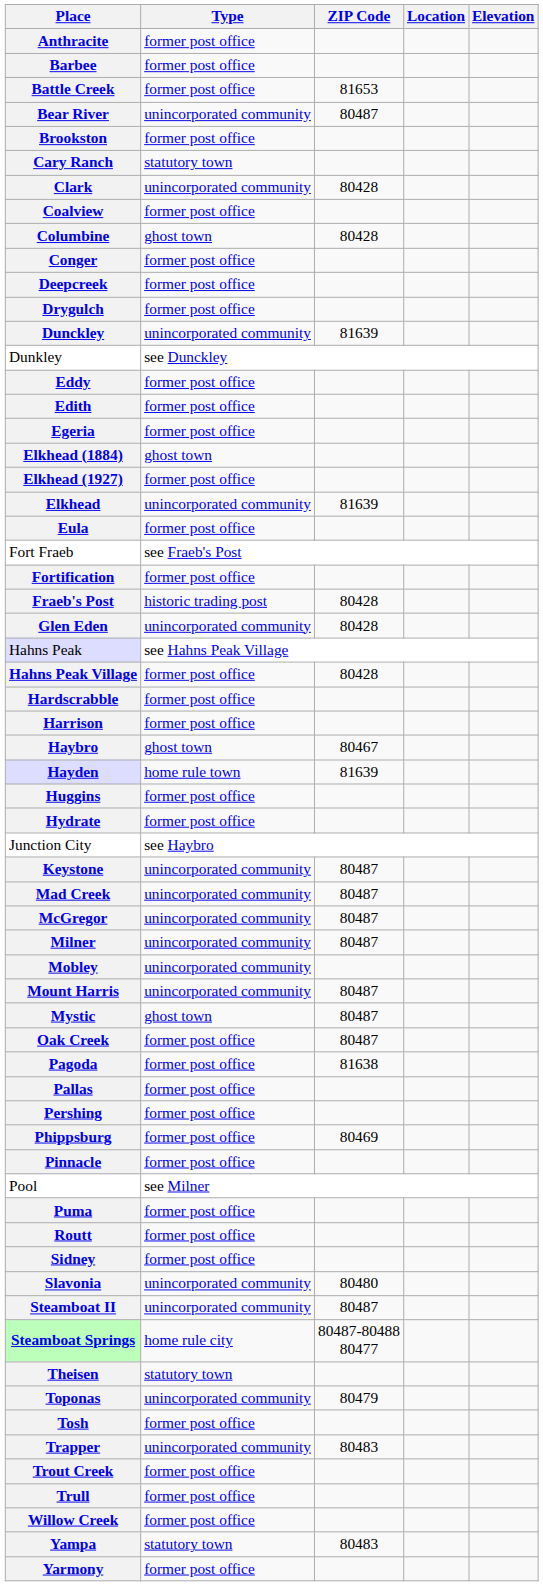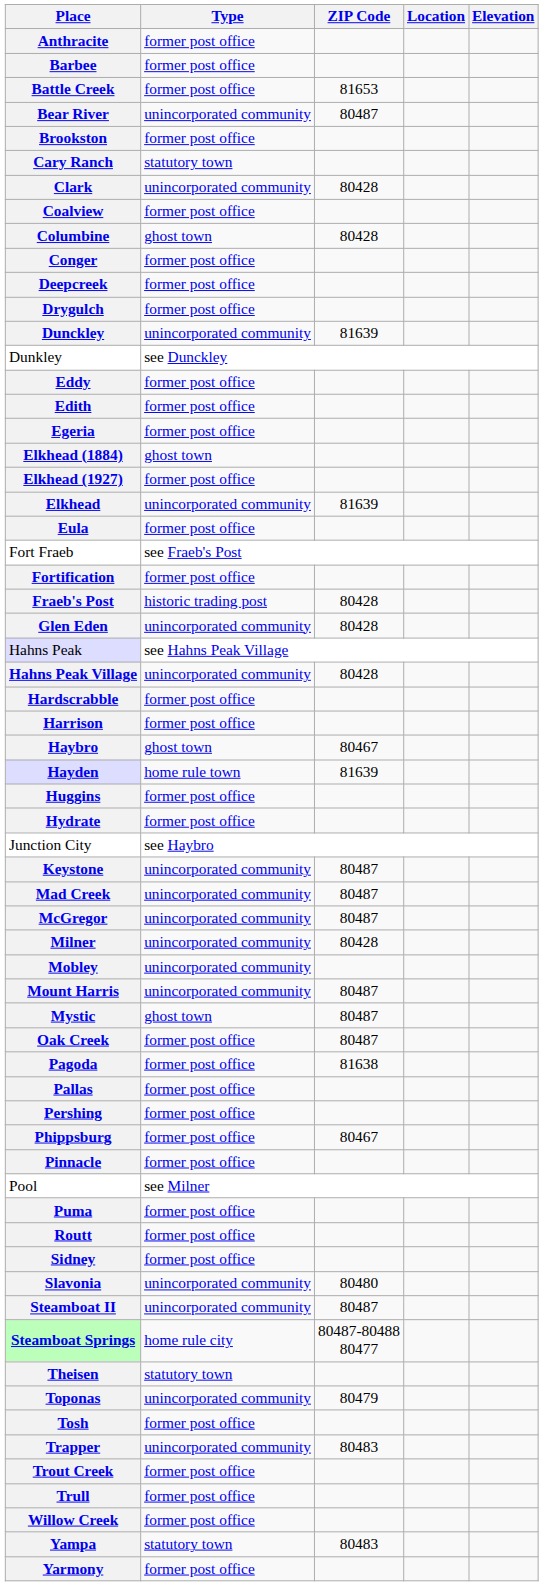 <table class="wikitable sortable  plainrowheaders" style="margin:auto;">
 <tr>
 <th scope=col><a href='#'>Place</a></th>
 <th scope=col><a href='#'>Type</a></th>
 <th scope=col><a href='#'>ZIP Code</a></th>
 <th scope=col><a href='#'>Location</a></th>
 <th scope=col><a href='#'>Elevation</a></th>
 </tr>
 <tr>
 <th scope=row><a href='#'>Anthracite</a></th>
 <td><a href='#'>former post office</a></td>
 <td align=center></td>
 <td></td>
 <td></td>
 </tr>
 <tr>
 <th scope=row><a href='#'>Barbee</a></th>
 <td><a href='#'>former post office</a></td>
 <td align=center></td>
 <td></td>
 <td></td>
 </tr>
 <tr>
 <th scope=row><a href='#'>Battle Creek</a></th>
 <td><a href='#'>former post office</a></td>
 <td align=center>81653</td>
 <td></td>
 <td align=right></td>
 </tr>
 <tr>
 <th scope=row><a href='#'>Bear River</a></th>
 <td><a href='#'>unincorporated community</a></td>
 <td align=center>80487</td>
 <td></td>
 <td align=right></td>
 </tr>
 <tr>
 <th scope=row><a href='#'>Brookston</a></th>
 <td><a href='#'>former post office</a></td>
 <td align=center></td>
 <td></td>
 <td></td>
 </tr>
 <tr>
 <th scope=row><a href='#'>Cary Ranch</a></th>
 <td><a href='#'>statutory town</a></td>
 <td align=center></td>
 <td></td>
 <td></td>
 </tr>
 <tr>
 <th scope=row><a href='#'>Clark</a></th>
 <td><a href='#'>unincorporated community</a></td>
 <td align=center>80428</td>
 <td></td>
 <td align=right></td>
 </tr>
 <tr>
 <th scope=row><a href='#'>Coalview</a></th>
 <td><a href='#'>former post office</a></td>
 <td align=center></td>
 <td></td>
 <td></td>
 </tr>
 <tr>
 <th scope=row><a href='#'>Columbine</a></th>
 <td><a href='#'>ghost town</a></td>
 <td align=center>80428</td>
 <td></td>
 <td align=right></td>
 </tr>
 <tr>
 <th scope=row><a href='#'>Conger</a></th>
 <td><a href='#'>former post office</a></td>
 <td align=center></td>
 <td></td>
 <td></td>
 </tr>
 <tr>
 <th scope=row><a href='#'>Deepcreek</a></th>
 <td><a href='#'>former post office</a></td>
 <td align=center></td>
 <td></td>
 <td></td>
 </tr>
 <tr>
 <th scope=row><a href='#'>Drygulch</a></th>
 <td><a href='#'>former post office</a></td>
 <td align=center></td>
 <td></td>
 <td></td>
 </tr>
 <tr>
 <th scope=row><a href='#'>Dunckley</a></th>
 <td><a href='#'>unincorporated community</a></td>
 <td align=center>81639</td>
 <td></td>
 <td align=right></td>
 </tr>
 <tr bgcolor=white>
 <td>Dunkley</td>
 <td colspan=4>see <a href='#'>Dunckley</a></td>
 </tr>
 <tr>
 <th scope=row><a href='#'>Eddy</a></th>
 <td><a href='#'>former post office</a></td>
 <td align=center></td>
 <td></td>
 <td></td>
 </tr>
 <tr>
 <th scope=row><a href='#'>Edith</a></th>
 <td><a href='#'>former post office</a></td>
 <td align=center></td>
 <td></td>
 <td></td>
 </tr>
 <tr>
 <th scope=row><a href='#'>Egeria</a></th>
 <td><a href='#'>former post office</a></td>
 <td align=center></td>
 <td></td>
 <td></td>
 </tr>
 <tr>
 <th scope=row><a href='#'>Elkhead (1884)</a></th>
 <td><a href='#'>ghost town</a></td>
 <td align=center></td>
 <td></td>
 <td></td>
 </tr>
 <tr>
 <th scope=row><a href='#'>Elkhead (1927)</a></th>
 <td><a href='#'>former post office</a></td>
 <td align=center></td>
 <td></td>
 <td></td>
 </tr>
 <tr>
 <th scope=row><a href='#'>Elkhead</a></th>
 <td><a href='#'>unincorporated community</a></td>
 <td align=center>81639</td>
 <td></td>
 <td align=right></td>
 </tr>
 <tr>
 <th scope=row><a href='#'>Eula</a></th>
 <td><a href='#'>former post office</a></td>
 <td align=center></td>
 <td></td>
 <td></td>
 </tr>
 <tr bgcolor=white>
 <td>Fort Fraeb</td>
 <td colspan=4>see <a href='#'>Fraeb's Post</a></td>
 </tr>
 <tr>
 <th scope=row><a href='#'>Fortification</a></th>
 <td><a href='#'>former post office</a></td>
 <td align=center></td>
 <td></td>
 <td></td>
 </tr>
 <tr>
 <th scope=row><a href='#'>Fraeb's Post</a></th>
 <td><a href='#'>historic trading post</a></td>
 <td align=center>80428</td>
 <td></td>
 <td></td>
 </tr>
 <tr>
 <th scope=row><a href='#'>Glen Eden</a></th>
 <td><a href='#'>unincorporated community</a></td>
 <td align=center>80428</td>
 <td></td>
 <td align=right></td>
 </tr>
 <tr bgcolor=white>
 <td style="background:#DDDDFF;">Hahns Peak</td>
 <td colspan=4>see <a href='#'>Hahns Peak Village</a></td>
 </tr>
 <tr>
 <th scope=row><a href='#'>Hahns Peak Village</a></th>
-<td><a href='#'>former post office</a></td>
+<td><a href='#'>unincorporated community</a></td>
 <td align=center>80428</td>
 <td></td>
 <td align=right></td>
 </tr>
 <tr>
 <th scope=row><a href='#'>Hardscrabble</a></th>
 <td><a href='#'>former post office</a></td>
 <td align=center></td>
 <td></td>
 <td></td>
 </tr>
 <tr>
 <th scope=row><a href='#'>Harrison</a></th>
 <td><a href='#'>former post office</a></td>
 <td align=center></td>
 <td></td>
 <td></td>
 </tr>
 <tr>
 <th scope=row><a href='#'>Haybro</a></th>
 <td><a href='#'>ghost town</a></td>
 <td align=center>80467</td>
 <td></td>
 <td align=right></td>
 </tr>
 <tr>
 <th scope=row style="background:#DDDDFF;"><a href='#'>Hayden</a></th>
 <td><a href='#'>home rule town</a></td>
 <td align=center>81639</td>
 <td></td>
 <td align=right></td>
 </tr>
 <tr>
 <th scope=row><a href='#'>Huggins</a></th>
 <td><a href='#'>former post office</a></td>
 <td align=center></td>
 <td></td>
 <td></td>
 </tr>
 <tr>
 <th scope=row><a href='#'>Hydrate</a></th>
 <td><a href='#'>former post office</a></td>
 <td align=center></td>
 <td></td>
 <td></td>
 </tr>
 <tr bgcolor=white>
 <td>Junction City</td>
 <td colspan=4>see <a href='#'>Haybro</a></td>
 </tr>
 <tr>
 <th scope=row><a href='#'>Keystone</a></th>
 <td><a href='#'>unincorporated community</a></td>
 <td align=center>80487</td>
 <td></td>
 <td align=right></td>
 </tr>
 <tr>
 <th scope=row><a href='#'>Mad Creek</a></th>
 <td><a href='#'>unincorporated community</a></td>
 <td align=center>80487</td>
 <td></td>
 <td align=right></td>
 </tr>
 <tr>
 <th scope=row><a href='#'>McGregor</a></th>
 <td><a href='#'>unincorporated community</a></td>
 <td align=center>80487</td>
 <td></td>
 <td align=right></td>
 </tr>
 <tr>
 <th scope=row><a href='#'>Milner</a></th>
 <td><a href='#'>unincorporated community</a></td>
-<td align=center>80487</td>
+<td align=center>80428</td>
 <td></td>
 <td align=right></td>
 </tr>
 <tr>
 <th scope=row><a href='#'>Mobley</a></th>
 <td><a href='#'>unincorporated community</a></td>
 <td align=center></td>
 <td></td>
 <td></td>
 </tr>
 <tr>
 <th scope=row><a href='#'>Mount Harris</a></th>
 <td><a href='#'>unincorporated community</a></td>
 <td align=center>80487</td>
 <td></td>
 <td align=right></td>
 </tr>
 <tr>
 <th scope=row><a href='#'>Mystic</a></th>
 <td><a href='#'>ghost town</a></td>
 <td align=center>80487</td>
 <td></td>
 <td align=right></td>
 </tr>
 <tr>
 <th scope=row><a href='#'>Oak Creek</a></th>
 <td><a href='#'>former post office</a></td>
 <td align=center>80487</td>
 <td></td>
 <td align=right></td>
 </tr>
 <tr>
 <th scope=row><a href='#'>Pagoda</a></th>
 <td><a href='#'>former post office</a></td>
 <td align=center>81638</td>
 <td></td>
 <td align=right></td>
 </tr>
 <tr>
 <th scope=row><a href='#'>Pallas</a></th>
 <td><a href='#'>former post office</a></td>
 <td align=center></td>
 <td></td>
 <td></td>
 </tr>
 <tr>
 <th scope=row><a href='#'>Pershing</a></th>
 <td><a href='#'>former post office</a></td>
 <td align=center></td>
 <td></td>
 <td></td>
 </tr>
 <tr>
 <th scope=row><a href='#'>Phippsburg</a></th>
 <td><a href='#'>former post office</a></td>
-<td align=center>80469</td>
+<td align=center>80467</td>
 <td></td>
 <td></td>
 </tr>
 <tr>
 <th scope=row><a href='#'>Pinnacle</a></th>
 <td><a href='#'>former post office</a></td>
 <td align=center></td>
 <td></td>
 <td></td>
 </tr>
 <tr bgcolor=white>
 <td>Pool</td>
 <td colspan=4>see <a href='#'>Milner</a></td>
 </tr>
 <tr>
 <th scope=row><a href='#'>Puma</a></th>
 <td><a href='#'>former post office</a></td>
 <td align=center></td>
 <td></td>
 <td></td>
 </tr>
 <tr>
 <th scope=row><a href='#'>Routt</a></th>
 <td><a href='#'>former post office</a></td>
 <td align=center></td>
 <td></td>
 <td></td>
 </tr>
 <tr>
 <th scope=row><a href='#'>Sidney</a></th>
 <td><a href='#'>former post office</a></td>
 <td align=center></td>
 <td></td>
 <td></td>
 </tr>
 <tr>
 <th scope=row><a href='#'>Slavonia</a></th>
 <td><a href='#'>unincorporated community</a></td>
 <td align=center>80480</td>
 <td></td>
 <td align=right></td>
 </tr>
 <tr>
 <th scope=row><a href='#'>Steamboat II</a></th>
 <td><a href='#'>unincorporated community</a></td>
 <td align=center>80487</td>
 <td></td>
 <td align=right></td>
 </tr>
 <tr>
 <th scope=row style="background:#BBFFBB;"><a href='#'>Steamboat Springs</a></th>
 <td><a href='#'>home rule city</a></td>
 <td align=center>80487-80488<br>80477</td>
 <td></td>
 <td align=right></td>
 </tr>
 <tr>
 <th scope=row><a href='#'>Theisen</a></th>
 <td><a href='#'>statutory town</a></td>
 <td align=center></td>
 <td></td>
 <td></td>
 </tr>
 <tr>
 <th scope=row><a href='#'>Toponas</a></th>
 <td><a href='#'>unincorporated community</a></td>
 <td align=center>80479</td>
 <td></td>
 <td align=right></td>
 </tr>
 <tr>
 <th scope=row><a href='#'>Tosh</a></th>
 <td><a href='#'>former post office</a></td>
 <td align=center></td>
 <td></td>
 <td></td>
 </tr>
 <tr>
 <th scope=row><a href='#'>Trapper</a></th>
 <td><a href='#'>unincorporated community</a></td>
 <td align=center>80483</td>
 <td></td>
 <td align=right></td>
 </tr>
 <tr>
 <th scope=row><a href='#'>Trout Creek</a></th>
 <td><a href='#'>former post office</a></td>
 <td align=center></td>
 <td></td>
 <td></td>
 </tr>
 <tr>
 <th scope=row><a href='#'>Trull</a></th>
 <td><a href='#'>former post office</a></td>
 <td align=center></td>
 <td></td>
 <td></td>
 </tr>
 <tr>
 <th scope=row><a href='#'>Willow Creek</a></th>
 <td><a href='#'>former post office</a></td>
 <td align=center></td>
 <td></td>
 <td></td>
 </tr>
 <tr>
 <th scope=row><a href='#'>Yampa</a></th>
 <td><a href='#'>statutory town</a></td>
 <td align=center>80483</td>
 <td></td>
 <td align=right></td>
 </tr>
 <tr>
 <th scope=row><a href='#'>Yarmony</a></th>
 <td><a href='#'>former post office</a></td>
 <td align=center></td>
 <td></td>
 <td></td>
 </tr>
 </table>
